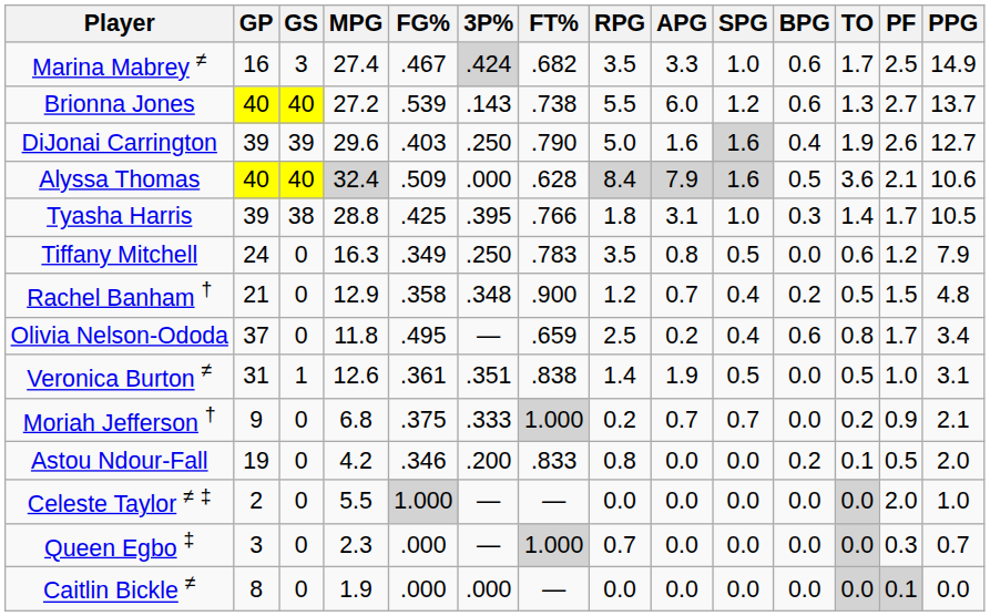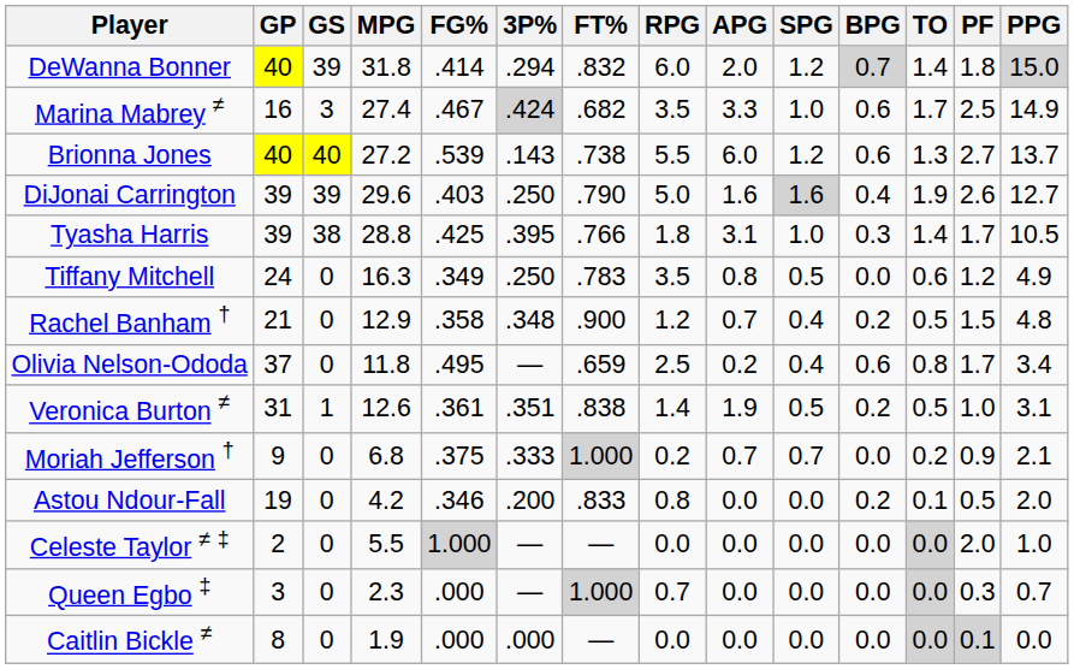 <table class="wikitable sortable" style="text-align:center;">
 <tr>
 <th>Player</th>
 <th>GP</th>
 <th>GS</th>
 <th>MPG</th>
 <th>FG%</th>
 <th>3P%</th>
 <th>FT%</th>
 <th>RPG</th>
 <th>APG</th>
 <th>SPG</th>
 <th>BPG</th>
 <th>TO</th>
 <th>PF</th>
 <th>PPG</th>
+</tr>
+<tr>
+<td><a href='#'>DeWanna Bonner</a></td>
+<td style="background:yellow;">40</td>
+<td>39</td>
+<td>31.8</td>
+<td>.414</td>
+<td>.294</td>
+<td>.832</td>
+<td>6.0</td>
+<td>2.0</td>
+<td>1.2</td>
+<td style="background:#D3D3D3;">0.7</td>
+<td>1.4</td>
+<td>1.8</td>
+<td style="background:#D3D3D3;">15.0</td>
 </tr>
 <tr>
 <td><a href='#'>Marina Mabrey</a> <sup>≠</sup></td>
 <td>16</td>
 <td>3</td>
 <td>27.4</td>
 <td>.467</td>
 <td style="background:#D3D3D3;">.424</td>
 <td>.682</td>
 <td>3.5</td>
 <td>3.3</td>
 <td>1.0</td>
 <td>0.6</td>
 <td>1.7</td>
 <td>2.5</td>
 <td>14.9</td>
 </tr>
 <tr>
 <td><a href='#'>Brionna Jones</a></td>
 <td style="background:yellow;">40</td>
 <td style="background:yellow;">40</td>
 <td>27.2</td>
 <td>.539</td>
 <td>.143</td>
 <td>.738</td>
 <td>5.5</td>
 <td>6.0</td>
 <td>1.2</td>
 <td>0.6</td>
 <td>1.3</td>
 <td>2.7</td>
 <td>13.7</td>
 </tr>
 <tr>
 <td><a href='#'>DiJonai Carrington</a></td>
 <td>39</td>
 <td>39</td>
 <td>29.6</td>
 <td>.403</td>
 <td>.250</td>
 <td>.790</td>
 <td>5.0</td>
 <td>1.6</td>
 <td style="background:#D3D3D3;">1.6</td>
 <td>0.4</td>
 <td>1.9</td>
 <td>2.6</td>
 <td>12.7</td>
 </tr>
 <tr>
-<td><a href='#'>Alyssa Thomas</a></td>
-<td style="background:yellow;">40</td>
-<td style="background:yellow;">40</td>
-<td style="background:#D3D3D3;">32.4</td>
-<td>.509</td>
-<td>.000</td>
-<td>.628</td>
-<td style="background:#D3D3D3;">8.4</td>
-<td style="background:#D3D3D3;">7.9</td>
-<td style="background:#D3D3D3;">1.6</td>
-<td>0.5</td>
-<td>3.6</td>
-<td>2.1</td>
-<td>10.6</td>
-</tr>
-<tr>
 <td><a href='#'>Tyasha Harris</a></td>
 <td>39</td>
 <td>38</td>
 <td>28.8</td>
 <td>.425</td>
 <td>.395</td>
 <td>.766</td>
 <td>1.8</td>
 <td>3.1</td>
 <td>1.0</td>
 <td>0.3</td>
 <td>1.4</td>
 <td>1.7</td>
 <td>10.5</td>
 </tr>
 <tr>
 <td><a href='#'>Tiffany Mitchell</a></td>
 <td>24</td>
 <td>0</td>
 <td>16.3</td>
 <td>.349</td>
 <td>.250</td>
 <td>.783</td>
 <td>3.5</td>
 <td>0.8</td>
 <td>0.5</td>
 <td>0.0</td>
 <td>0.6</td>
 <td>1.2</td>
-<td>7.9</td>
+<td>4.9</td>
 </tr>
 <tr>
 <td><a href='#'>Rachel Banham</a> <sup>†</sup></td>
 <td>21</td>
 <td>0</td>
 <td>12.9</td>
 <td>.358</td>
 <td>.348</td>
 <td>.900</td>
 <td>1.2</td>
 <td>0.7</td>
 <td>0.4</td>
 <td>0.2</td>
 <td>0.5</td>
 <td>1.5</td>
 <td>4.8</td>
 </tr>
 <tr>
 <td><a href='#'>Olivia Nelson-Ododa</a></td>
 <td>37</td>
 <td>0</td>
 <td>11.8</td>
 <td>.495</td>
 <td>—</td>
 <td>.659</td>
 <td>2.5</td>
 <td>0.2</td>
 <td>0.4</td>
 <td>0.6</td>
 <td>0.8</td>
 <td>1.7</td>
 <td>3.4</td>
 </tr>
 <tr>
 <td><a href='#'>Veronica Burton</a> <sup>≠</sup></td>
 <td>31</td>
 <td>1</td>
 <td>12.6</td>
 <td>.361</td>
 <td>.351</td>
 <td>.838</td>
 <td>1.4</td>
 <td>1.9</td>
 <td>0.5</td>
-<td>0.0</td>
+<td>0.2</td>
 <td>0.5</td>
 <td>1.0</td>
 <td>3.1</td>
 </tr>
 <tr>
 <td><a href='#'>Moriah Jefferson</a> <sup>†</sup></td>
 <td>9</td>
 <td>0</td>
 <td>6.8</td>
 <td>.375</td>
 <td>.333</td>
 <td style="background:#D3D3D3;">1.000</td>
 <td>0.2</td>
 <td>0.7</td>
 <td>0.7</td>
 <td>0.0</td>
 <td>0.2</td>
 <td>0.9</td>
 <td>2.1</td>
 </tr>
 <tr>
 <td><a href='#'>Astou Ndour-Fall</a></td>
 <td>19</td>
 <td>0</td>
 <td>4.2</td>
 <td>.346</td>
 <td>.200</td>
 <td>.833</td>
 <td>0.8</td>
 <td>0.0</td>
 <td>0.0</td>
 <td>0.2</td>
 <td>0.1</td>
 <td>0.5</td>
 <td>2.0</td>
 </tr>
 <tr>
 <td><a href='#'>Celeste Taylor</a> <sup>≠</sup> <sup>‡</sup></td>
 <td>2</td>
 <td>0</td>
 <td>5.5</td>
 <td style="background:#D3D3D3;">1.000</td>
 <td>—</td>
 <td>—</td>
 <td>0.0</td>
 <td>0.0</td>
 <td>0.0</td>
 <td>0.0</td>
 <td style="background:#D3D3D3;">0.0</td>
 <td>2.0</td>
 <td>1.0</td>
 </tr>
 <tr>
 <td><a href='#'>Queen Egbo</a> <sup>‡</sup></td>
 <td>3</td>
 <td>0</td>
 <td>2.3</td>
 <td>.000</td>
 <td>—</td>
 <td style="background:#D3D3D3;">1.000</td>
 <td>0.7</td>
 <td>0.0</td>
 <td>0.0</td>
 <td>0.0</td>
 <td style="background:#D3D3D3;">0.0</td>
 <td>0.3</td>
 <td>0.7</td>
 </tr>
 <tr>
 <td><a href='#'>Caitlin Bickle</a> <sup>≠</sup></td>
 <td>8</td>
 <td>0</td>
 <td>1.9</td>
 <td>.000</td>
 <td>.000</td>
 <td>—</td>
 <td>0.0</td>
 <td>0.0</td>
 <td>0.0</td>
 <td>0.0</td>
 <td style="background:#D3D3D3;">0.0</td>
 <td style="background:#D3D3D3;">0.1</td>
 <td>0.0</td>
 </tr>
 </table>
